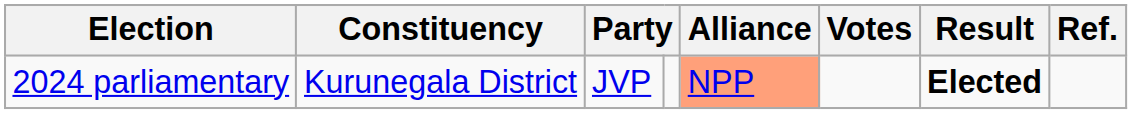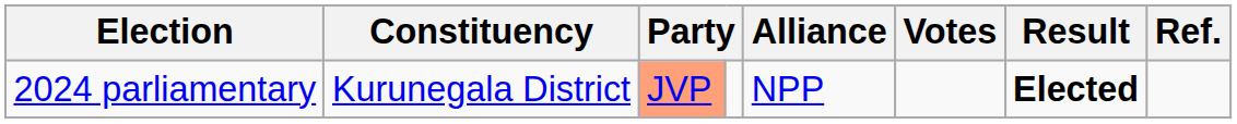 <table class="wikitable" style="text-align:left;">
 <tr>
 <th scope=col>Election</th>
 <th scope=col>Constituency</th>
 <th scope=col colspan="2">Party</th>
 <th scope=col>Alliance</th>
 <th scope=col>Votes</th>
 <th scope=col>Result</th>
 <th scope=col>Ref.</th>
 </tr>
 <tr>
 <td><a href='#'>2024 parliamentary</a></td>
 <td><a href='#'>Kurunegala District</a></td>
-<td><a href='#'>JVP</a></td>
+<td style="background: lightsalmon;"><a href='#'>JVP</a></td>
 <td rowspan="8" style="background:"></td>
-<td style="background: lightsalmon;"><a href='#'>NPP</a></td>
+<td><a href='#'>NPP</a></td>
 <td align=right></td>
 <td><strong>Elected</strong></td>
 <td></td>
 </tr>
 </table>
